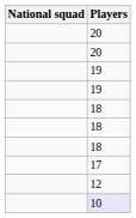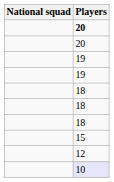 <table class="wikitable sortable">
 <tr>
 <th>National squad</th>
 <th>Players</th>
 </tr>
 <tr>
 <td></td>
-<td>20</td>
+<td><strong>20</strong></td>
 </tr>
 <tr>
 <td></td>
 <td>20</td>
 </tr>
 <tr>
 <td></td>
 <td>19</td>
 </tr>
 <tr>
 <td></td>
 <td>19</td>
 </tr>
 <tr>
 <td></td>
 <td>18</td>
 </tr>
 <tr>
 <td></td>
 <td>18</td>
 </tr>
 <tr>
 <td></td>
 <td>18</td>
 </tr>
 <tr>
 <td></td>
-<td>17</td>
+<td>15</td>
 </tr>
 <tr>
 <td></td>
 <td>12</td>
 </tr>
 <tr>
 <td></td>
 <td style="background: lavender;">10</td>
 </tr>
 </table>
